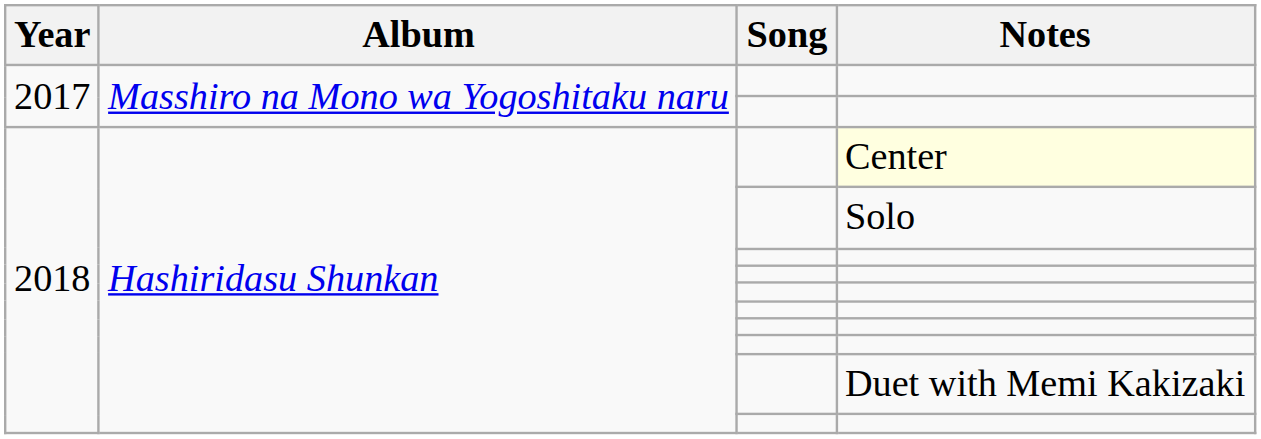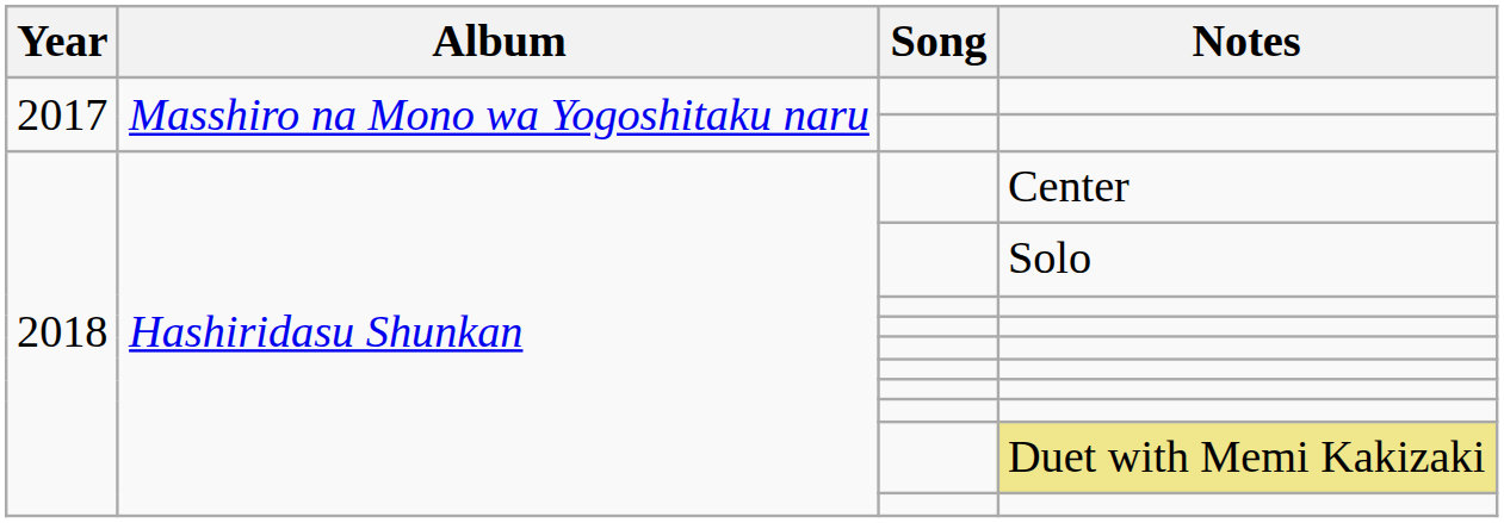 <table class="wikitable">
 <tr>
 <th>Year</th>
 <th>Album</th>
 <th>Song</th>
 <th>Notes</th>
 </tr>
 <tr>
 <td rowspan="2">2017</td>
 <td rowspan="2"><em><a href='#'>Masshiro na Mono wa Yogoshitaku naru</a></em></td>
 <td></td>
 <td></td>
 </tr>
 <tr>
 <td></td>
 <td></td>
 </tr>
 <tr>
 <td rowspan="10">2018</td>
 <td rowspan="10"><em><a href='#'>Hashiridasu Shunkan</a></em></td>
 <td></td>
-<td style="background: lightyellow;">Center</td>
+<td>Center</td>
 </tr>
 <tr>
 <td></td>
 <td>Solo</td>
 </tr>
 <tr>
 <td></td>
 <td></td>
 </tr>
 <tr>
 <td></td>
 <td></td>
 </tr>
 <tr>
 <td></td>
 <td></td>
 </tr>
 <tr>
 <td></td>
 <td></td>
 </tr>
 <tr>
 <td></td>
 <td></td>
 </tr>
 <tr>
 <td></td>
 <td></td>
 </tr>
 <tr>
 <td></td>
-<td>Duet with Memi Kakizaki</td>
+<td style="background: khaki;">Duet with Memi Kakizaki</td>
 </tr>
 <tr>
 <td></td>
 <td></td>
 </tr>
 </table>
